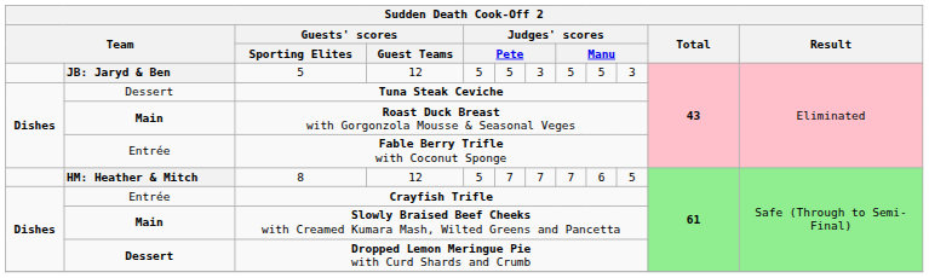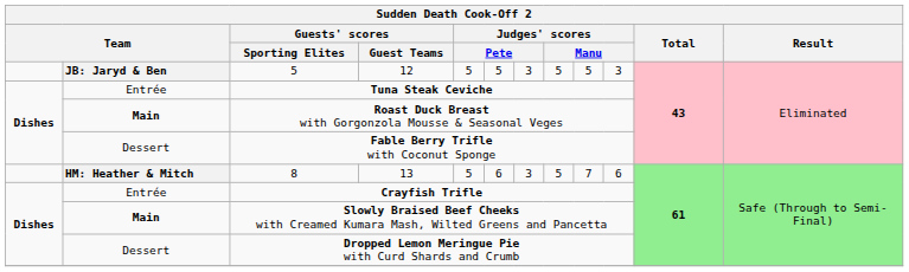 <table class="wikitable" style="text-align: center; font-size: 90%; line-height:14px; width:80em;">
 <tr>
 <th colspan="12" >Sudden Death Cook-Off 2</th>
 </tr>
 <tr>
 <th rowspan="2" style="width:25%;" colspan="2">Team</th>
 <th colspan="2" style="width:25%;">Guests' scores</th>
 <th colspan="6" style="with:50%;">Judges' scores</th>
 <th rowspan="2" style="width:10%;">Total<br></th>
 <th rowspan="2" style="width:20%;">Result</th>
 </tr>
 <tr>
 <th style="width:40px;">Sporting Elites</th>
 <th style="width:40px;">Guest Teams</th>
 <th colspan="3" style="width:40px;"><a href='#'>Pete</a></th>
 <th colspan="3" style="width:40px;"><a href='#'>Manu</a></th>
 </tr>
 <tr>
 <td></td>
 <th scope="row" style="text-align:left;"><strong>JB: Jaryd & Ben</strong></th>
 <td>5</td>
 <td>12</td>
 <td>5</td>
 <td>5</td>
 <td>3</td>
 <td>5</td>
 <td>5</td>
 <td>3</td>
 <td rowspan="4" bgcolor="pink"><strong>43</strong></td>
 <td rowspan="4" bgcolor="pink">Eliminated </td>
 </tr>
 <tr>
 <td rowspan="3"><strong>Dishes</strong></td>
-<td>Dessert</td>
+<td>Entrée</td>
 <td colspan="8"><strong>Tuna Steak Ceviche</strong><br></td>
 </tr>
 <tr>
 <td><strong>Main</strong></td>
 <td colspan="8"><strong>Roast Duck Breast</strong><br>with Gorgonzola Mousse & Seasonal Veges</td>
 </tr>
 <tr>
-<td>Entrée</td>
+<td>Dessert</td>
 <td colspan="8"><strong>Fable Berry Trifle</strong><br>with Coconut Sponge</td>
 </tr>
 <tr>
 <td></td>
 <th scope="row" style="text-align:left;"><strong>HM: Heather & Mitch</strong></th>
 <td>8</td>
-<td>12</td>
+<td>13</td>
+<td>5</td>
+<td>6</td>
+<td>3</td>
 <td>5</td>
 <td>7</td>
-<td>7</td>
-<td>7</td>
 <td>6</td>
-<td>5</td>
 <td rowspan="4" bgcolor="lightgreen"><strong>61</strong></td>
 <td rowspan="4" bgcolor="lightgreen">Safe (Through to Semi-Final)</td>
 </tr>
 <tr>
 <td rowspan="3"><strong>Dishes</strong></td>
 <td>Entrée</td>
 <td colspan="8"><strong>Crayfish Trifle</strong></td>
 </tr>
 <tr>
 <td><strong>Main</strong></td>
 <td colspan="8"><strong>Slowly Braised Beef Cheeks</strong><br>with Creamed Kumara Mash, Wilted Greens and Pancetta</td>
 </tr>
 <tr>
-<td><strong>Dessert</strong></td>
+<td>Dessert</td>
 <td colspan="8"><strong>Dropped Lemon Meringue Pie</strong><br>with Curd Shards and Crumb</td>
 </tr>
 <tr>
 </tr>
 </table>
